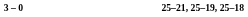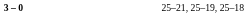 <table width=100% cellspacing=1>
 <tr>
 <th width=20%></th>
 <th width=12%></th>
 <th width=20%></th>
 <th width=33%></th>
 <td></td>
 </tr>
 <tr style=font-size:95%>
 <td align=right><strong></strong></td>
 <td align=center><strong>3 – 0</strong></td>
 <td></td>
-<td><strong>25–21, 25–19, 25–18</strong></td>
+<td>25–21, 25–19, 25–18</td>
 </tr>
 </table>
